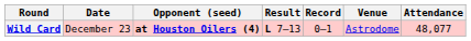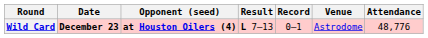 <table class="wikitable" style="text-align:center">
 <tr>
 <th>Round</th>
 <th>Date</th>
 <th>Opponent (seed)</th>
 <th>Result</th>
 <th>Record</th>
 <th>Venue</th>
 <th>Attendance</th>
 </tr>
 <tr style="background:#fcc">
 <th><a href='#'>Wild Card</a></th>
-<td>December 23</td>
+<td><strong>December 23</strong></td>
 <td><strong>at <a href='#'>Houston Oilers</a> (4)</strong></td>
 <td><strong>L</strong> 7–13</td>
 <td>0–1</td>
 <td><a href='#'>Astrodome</a></td>
-<td>48,077</td>
+<td>48,776</td>
 </tr>
 </table>
